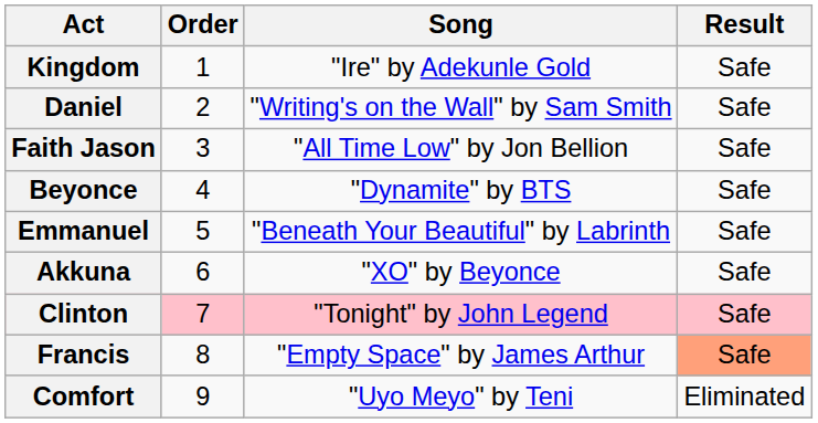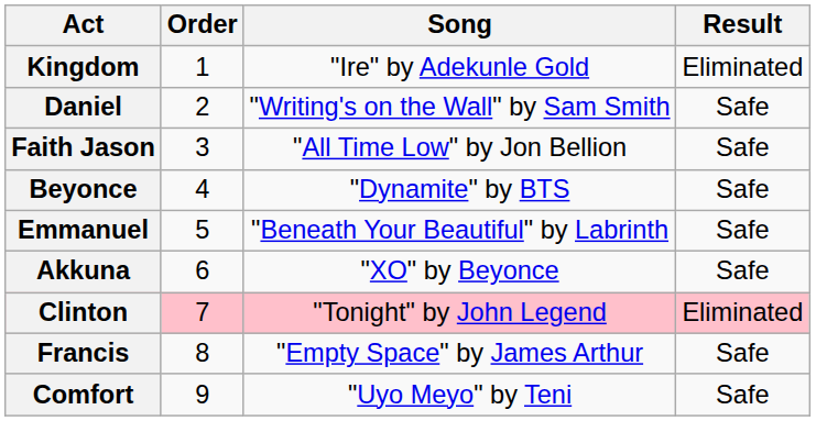 <table class="wikitable plainrowheaders" style="text-align:center;">
 <tr>
 <th scope"col">Act</th>
 <th scope"col">Order</th>
 <th scope"col">Song</th>
 <th scope"col">Result</th>
 </tr>
 <tr>
 <th scope=row>Kingdom</th>
 <td>1</td>
 <td>"Ire" by <a href='#'>Adekunle Gold</a></td>
-<td>Safe</td>
+<td>Eliminated</td>
 </tr>
 <tr>
 <th scope=row>Daniel</th>
 <td>2</td>
 <td>"<a href='#'>Writing's on the Wall</a>" by <a href='#'>Sam Smith</a></td>
 <td>Safe</td>
 </tr>
 <tr>
 <th scope=row>Faith Jason</th>
 <td>3</td>
 <td>"<a href='#'>All Time Low</a>" by Jon Bellion</td>
 <td>Safe</td>
 </tr>
 <tr>
 <th scope=row>Beyonce</th>
 <td>4</td>
 <td>"<a href='#'>Dynamite</a>" by <a href='#'>BTS</a></td>
 <td>Safe</td>
 </tr>
 <tr>
 <th scope=row>Emmanuel</th>
 <td>5</td>
 <td>"<a href='#'>Beneath Your Beautiful</a>" by <a href='#'>Labrinth</a></td>
 <td>Safe</td>
 </tr>
 <tr>
 <th scope=row>Akkuna</th>
 <td>6</td>
 <td>"<a href='#'>XO</a>" by <a href='#'>Beyonce</a></td>
 <td>Safe</td>
 </tr>
 <tr style="background: pink">
 <th scope=row>Clinton</th>
 <td>7</td>
 <td>"Tonight" by <a href='#'>John Legend</a></td>
-<td>Safe</td>
+<td>Eliminated</td>
 </tr>
 <tr>
 <th scope=row>Francis</th>
 <td>8</td>
 <td>"<a href='#'>Empty Space</a>" by <a href='#'>James Arthur</a></td>
-<td style="background: lightsalmon;">Safe</td>
+<td>Safe</td>
 </tr>
 <tr>
 <th scope=row>Comfort</th>
 <td>9</td>
 <td>"<a href='#'>Uyo Meyo</a>" by <a href='#'>Teni</a></td>
-<td>Eliminated</td>
+<td>Safe</td>
 </tr>
 </table>
